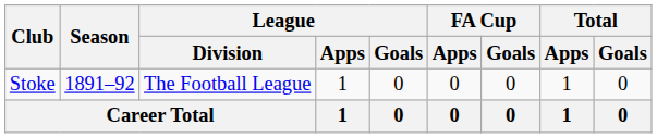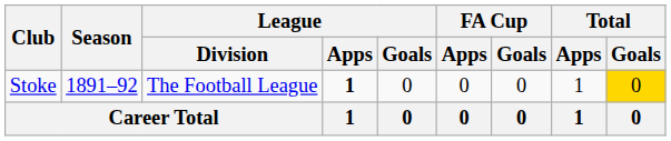 <table class="wikitable" style="text-align: center;">
 <tr>
 <th rowspan="2">Club</th>
 <th rowspan="2">Season</th>
 <th colspan="3">League</th>
 <th colspan="2">FA Cup</th>
 <th colspan="2">Total</th>
 </tr>
 <tr>
 <th>Division</th>
 <th>Apps</th>
 <th>Goals</th>
 <th>Apps</th>
 <th>Goals</th>
 <th>Apps</th>
 <th>Goals</th>
 </tr>
 <tr>
 <td><a href='#'>Stoke</a></td>
 <td><a href='#'>1891–92</a></td>
 <td><a href='#'>The Football League</a></td>
-<td>1</td>
+<td><strong>1</strong></td>
 <td>0</td>
 <td>0</td>
 <td>0</td>
 <td>1</td>
-<td>0</td>
+<td style="background: gold;">0</td>
 </tr>
 <tr>
 <th colspan=3>Career Total</th>
 <th>1</th>
 <th>0</th>
 <th>0</th>
 <th>0</th>
 <th>1</th>
 <th>0</th>
 </tr>
 </table>
